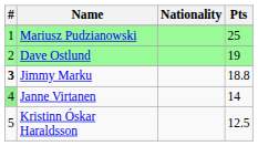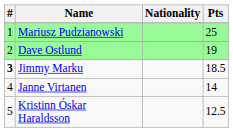 <table class="wikitable" style="display: inline-table; width: 50%;">
 <tr>
 <th>#</th>
 <th>Name</th>
 <th>Nationality</th>
 <th>Pts</th>
 </tr>
 <tr>
 </tr>
 <tr style="background:palegreen">
 <td>1</td>
 <td><a href='#'>Mariusz Pudzianowski</a></td>
 <td></td>
 <td>25</td>
 </tr>
 <tr>
 </tr>
 <tr style="background:palegreen">
 <td>2</td>
 <td><a href='#'>Dave Ostlund</a></td>
 <td></td>
 <td>19</td>
 </tr>
 <tr>
 <td><strong>3</strong></td>
 <td><a href='#'>Jimmy Marku</a></td>
 <td></td>
-<td>18.8</td>
+<td>18.5</td>
 </tr>
 <tr>
-<td style="background: lightgreen;">4</td>
+<td>4</td>
 <td><a href='#'>Janne Virtanen</a></td>
 <td></td>
 <td>14</td>
 </tr>
 <tr>
 <td>5</td>
 <td><a href='#'>Kristinn Óskar Haraldsson</a></td>
 <td></td>
 <td>12.5</td>
 </tr>
 </table>
